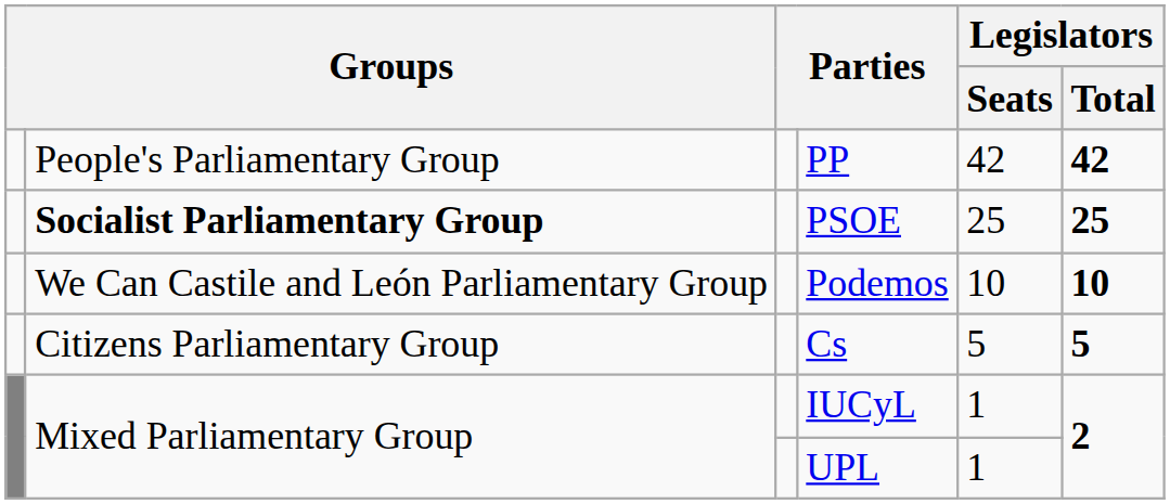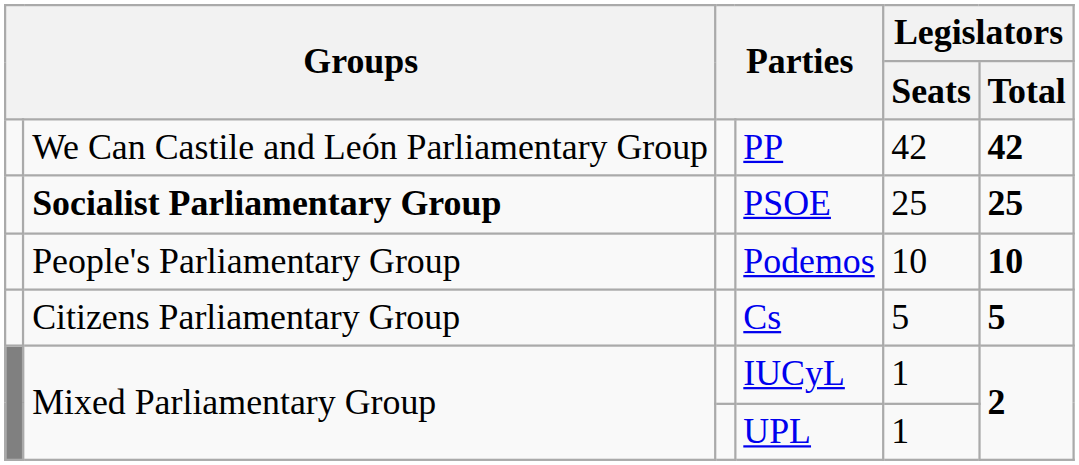 <table class="wikitable" style="text-align:left;">
 <tr>
 <th rowspan="2" colspan="2">Groups</th>
 <th rowspan="2" colspan="2">Parties</th>
 <th colspan="2">Legislators</th>
 </tr>
 <tr>
 <th>Seats</th>
 <th>Total</th>
 </tr>
 <tr>
 <td width="1" style="color:inherit;background:"></td>
-<td>People's Parliamentary Group</td>
+<td>We Can Castile and León Parliamentary Group</td>
 <td width="1" style="color:inherit;background:"></td>
 <td><a href='#'>PP</a></td>
 <td>42</td>
 <td><strong>42</strong></td>
 </tr>
 <tr>
 <td style="color:inherit;background:"></td>
 <td><strong>Socialist Parliamentary Group</strong></td>
 <td style="color:inherit;background:"></td>
 <td><a href='#'>PSOE</a></td>
 <td>25</td>
 <td><strong>25</strong></td>
 </tr>
 <tr>
 <td style="color:inherit;background:"></td>
-<td>We Can Castile and León Parliamentary Group</td>
+<td>People's Parliamentary Group</td>
 <td style="color:inherit;background:"></td>
 <td><a href='#'>Podemos</a></td>
 <td>10</td>
 <td><strong>10</strong></td>
 </tr>
 <tr>
 <td style="color:inherit;background:"></td>
 <td>Citizens Parliamentary Group</td>
 <td style="color:inherit;background:"></td>
 <td><a href='#'>Cs</a></td>
 <td>5</td>
 <td><strong>5</strong></td>
 </tr>
 <tr>
 <td rowspan="2" bgcolor="gray"></td>
 <td rowspan="2">Mixed Parliamentary Group</td>
 <td style="color:inherit;background:"></td>
 <td align="left"><a href='#'>IUCyL</a></td>
 <td>1</td>
 <td rowspan="2"><strong>2</strong></td>
 </tr>
 <tr>
 <td style="color:inherit;background:"></td>
 <td align="left"><a href='#'>UPL</a></td>
 <td>1</td>
 </tr>
 </table>
